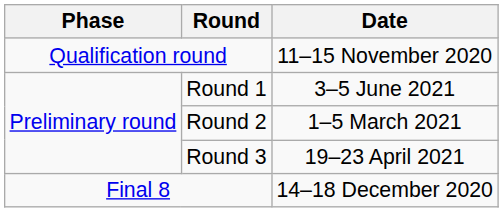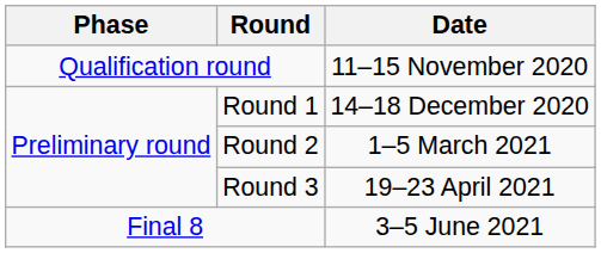 <table class="wikitable" style="text-align:center">
 <tr>
 <th>Phase</th>
 <th>Round</th>
 <th>Date</th>
 </tr>
 <tr>
 <td colspan=2><a href='#'>Qualification round</a></td>
 <td>11–15 November 2020</td>
 </tr>
 <tr>
 <td rowspan=3><a href='#'>Preliminary round</a></td>
 <td>Round 1</td>
-<td>3–5 June 2021</td>
+<td>14–18 December 2020</td>
 </tr>
 <tr>
 <td>Round 2</td>
 <td>1–5 March 2021</td>
 </tr>
 <tr>
 <td>Round 3</td>
 <td>19–23 April 2021</td>
 </tr>
 <tr>
 <td colspan=2><a href='#'>Final 8</a></td>
-<td>14–18 December 2020</td>
+<td>3–5 June 2021</td>
 </tr>
 </table>
